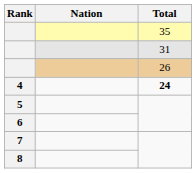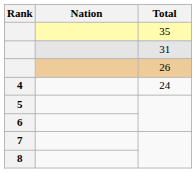 <table class="wikitable sortable" style="text-align:center; font-size:85%">
 <tr>
 <th scope="col" style="width:25px;">Rank</th>
 <th ! scope="col" style="width:120px;">Nation</th>
 <th ! scope="col" style="width:60px;">Total</th>
 </tr>
 <tr bgcolor=fffcaf>
 <th scope=row></th>
 <td align=left></td>
 <td>35</td>
 </tr>
 <tr bgcolor=e5e5e5>
 <th scope=row></th>
 <td align=left></td>
 <td>31</td>
 </tr>
 <tr bgcolor=eecc99>
 <th scope=row></th>
 <td align=left></td>
 <td>26</td>
 </tr>
 <tr>
 <th scope=row>4</th>
 <td align=left></td>
-<td><strong>24</strong></td>
+<td>24</td>
 </tr>
 <tr>
 <th scope=row>5</th>
 <td align=left></td>
 <td rowspan=2></td>
 </tr>
 <tr>
 <th scope=row>6</th>
 <td align=left></td>
 </tr>
 <tr>
 <th scope=row>7</th>
 <td align=left></td>
 <td rowspan=2></td>
 </tr>
 <tr>
 <th scope=row>8</th>
 <td align=left></td>
 </tr>
 </table>
